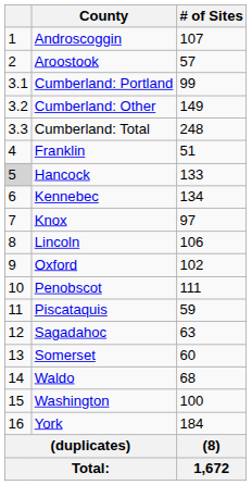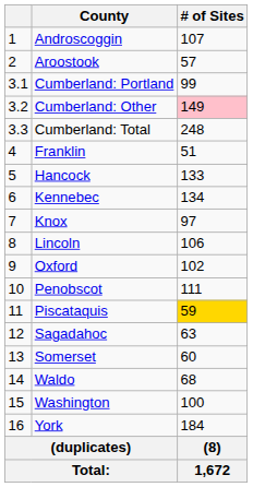 <table class="wikitable sortable">
 <tr>
 <th></th>
 <th><strong>County</strong></th>
 <th><strong># of Sites</strong></th>
 </tr>
 <tr ->
 <td>1</td>
 <td><a href='#'>Androscoggin</a></td>
 <td>107</td>
 </tr>
 <tr ->
 <td>2</td>
 <td><a href='#'>Aroostook</a></td>
 <td>57</td>
 </tr>
 <tr ->
 <td>3.1</td>
 <td><a href='#'>Cumberland: Portland</a></td>
 <td>99</td>
 </tr>
 <tr ->
 <td>3.2</td>
 <td><a href='#'>Cumberland: Other</a></td>
-<td>149</td>
+<td style="background: pink;">149</td>
 </tr>
 <tr ->
 <td>3.3</td>
 <td>Cumberland: Total</td>
 <td>248</td>
 </tr>
 <tr ->
 <td>4</td>
 <td><a href='#'>Franklin</a></td>
 <td>51</td>
 </tr>
 <tr ->
-<td style="background: lightgrey;">5</td>
+<td>5</td>
 <td><a href='#'>Hancock</a></td>
 <td>133</td>
 </tr>
 <tr ->
 <td>6</td>
 <td><a href='#'>Kennebec</a></td>
 <td>134</td>
 </tr>
 <tr ->
 <td>7</td>
 <td><a href='#'>Knox</a></td>
 <td>97</td>
 </tr>
 <tr ->
 <td>8</td>
 <td><a href='#'>Lincoln</a></td>
 <td>106</td>
 </tr>
 <tr ->
 <td>9</td>
 <td><a href='#'>Oxford</a></td>
 <td>102</td>
 </tr>
 <tr ->
 <td>10</td>
 <td><a href='#'>Penobscot</a></td>
 <td>111</td>
 </tr>
 <tr ->
 <td>11</td>
 <td><a href='#'>Piscataquis</a></td>
-<td>59</td>
+<td style="background: gold;">59</td>
 </tr>
 <tr ->
 <td>12</td>
 <td><a href='#'>Sagadahoc</a></td>
 <td>63</td>
 </tr>
 <tr ->
 <td>13</td>
 <td><a href='#'>Somerset</a></td>
 <td>60</td>
 </tr>
 <tr ->
 <td>14</td>
 <td><a href='#'>Waldo</a></td>
 <td>68</td>
 </tr>
 <tr ->
 <td>15</td>
 <td><a href='#'>Washington</a></td>
 <td>100</td>
 </tr>
 <tr ->
 <td>16</td>
 <td><a href='#'>York</a></td>
 <td>184</td>
 </tr>
 <tr class="sortbottom">
 <th colspan="2">(duplicates)</th>
 <th>(8)</th>
 </tr>
 <tr class="sortbottom">
 <th colspan="2">Total:</th>
 <th>1,672</th>
 </tr>
 </table>
